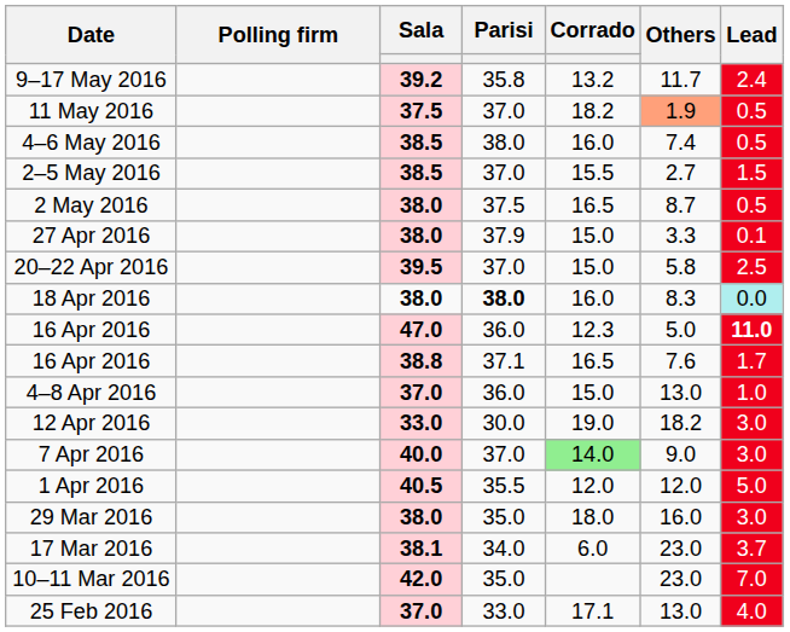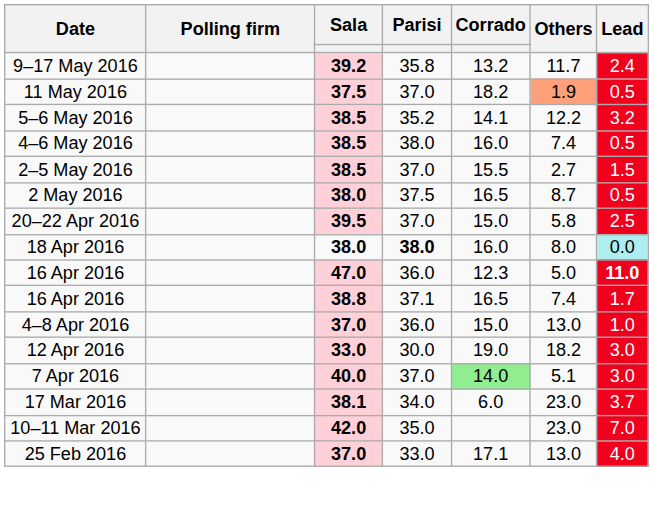 <table class="wikitable collapsible" style="text-align:center;font-size:85%;line-height:13px">
 <tr style="height:30px; background-color:#E9E9E9">
 <th style="width:100px;" rowspan="2">Date</th>
 <th style="width:120px;" rowspan="2">Polling firm</th>
 <th style="width:45px;">Sala</th>
 <th style="width:45px;">Parisi</th>
 <th style="width:45px;">Corrado</th>
 <th style="width:35px;" rowspan="2">Others</th>
 <th style="width:25px;" rowspan="2">Lead</th>
 </tr>
 <tr>
 <th style="background:"></th>
 <th style="background:"></th>
 <th style="background:"></th>
 </tr>
 <tr>
 <td>9–17 May 2016</td>
 <td></td>
 <td style="background:#FFD0D7"><strong>39.2</strong></td>
 <td>35.8</td>
 <td>13.2</td>
 <td>11.7</td>
 <td style="background:#F0001C; color:white;">2.4</td>
 </tr>
 <tr>
 <td>11 May 2016</td>
 <td></td>
 <td style="background:#FFD0D7"><strong>37.5</strong></td>
 <td>37.0</td>
 <td>18.2</td>
 <td style="background: lightsalmon;">1.9</td>
 <td style="background:#F0001C; color:white;">0.5</td>
 </tr>
 <tr>
+<td>5–6 May 2016</td>
+<td></td>
+<td style="background:#FFD0D7"><strong>38.5</strong></td>
+<td>35.2</td>
+<td>14.1</td>
+<td>12.2</td>
+<td style="background:#F0001C; color:white;">3.2</td>
+</tr>
+<tr>
 <td>4–6 May 2016</td>
 <td></td>
 <td style="background:#FFD0D7"><strong>38.5</strong></td>
 <td>38.0</td>
 <td>16.0</td>
 <td>7.4</td>
 <td style="background:#F0001C; color:white;">0.5</td>
 </tr>
 <tr>
 <td>2–5 May 2016</td>
 <td></td>
 <td style="background:#FFD0D7"><strong>38.5</strong></td>
 <td>37.0</td>
 <td>15.5</td>
 <td>2.7</td>
 <td style="background:#F0001C; color:white;">1.5</td>
 </tr>
 <tr>
 <td>2 May 2016</td>
 <td></td>
 <td style="background:#FFD0D7"><strong>38.0</strong></td>
 <td>37.5</td>
 <td>16.5</td>
 <td>8.7</td>
 <td style="background:#F0001C; color:white;">0.5</td>
 </tr>
 <tr>
-<td>27 Apr 2016</td>
-<td></td>
-<td style="background:#FFD0D7"><strong>38.0</strong></td>
-<td>37.9</td>
-<td>15.0</td>
-<td>3.3</td>
-<td style="background:#F0001C; color:white;">0.1</td>
-</tr>
-<tr>
 <td>20–22 Apr 2016</td>
 <td></td>
 <td style="background:#FFD0D7"><strong>39.5</strong></td>
 <td>37.0</td>
 <td>15.0</td>
 <td>5.8</td>
 <td style="background:#F0001C; color:white;">2.5</td>
 </tr>
 <tr>
 <td>18 Apr 2016</td>
 <td></td>
 <td><strong>38.0</strong></td>
 <td><strong>38.0</strong></td>
 <td>16.0</td>
-<td>8.3</td>
+<td>8.0</td>
 <td style="background: paleturquoise;">0.0</td>
 </tr>
 <tr>
 <td>16 Apr 2016</td>
 <td></td>
 <td style="background:#FFD0D7"><strong>47.0</strong></td>
 <td>36.0</td>
 <td>12.3</td>
 <td>5.0</td>
 <td style="background:#F0001C; color:white;"><strong>11.0</strong></td>
 </tr>
 <tr>
 <td>16 Apr 2016</td>
 <td></td>
 <td style="background:#FFD0D7"><strong>38.8</strong></td>
 <td>37.1</td>
 <td>16.5</td>
-<td>7.6</td>
+<td>7.4</td>
 <td style="background:#F0001C; color:white;">1.7</td>
 </tr>
 <tr>
 <td>4–8 Apr 2016</td>
 <td></td>
 <td style="background:#FFD0D7"><strong>37.0</strong></td>
 <td>36.0</td>
 <td>15.0</td>
 <td>13.0</td>
 <td style="background:#F0001C; color:white;">1.0</td>
 </tr>
 <tr>
 <td>12 Apr 2016</td>
 <td></td>
 <td style="background:#FFD0D7"><strong>33.0</strong></td>
 <td>30.0</td>
 <td>19.0</td>
 <td>18.2</td>
 <td style="background:#F0001C; color:white;">3.0</td>
 </tr>
 <tr>
 <td>7 Apr 2016</td>
 <td></td>
 <td style="background:#FFD0D7"><strong>40.0</strong></td>
 <td>37.0</td>
 <td style="background: lightgreen;">14.0</td>
-<td>9.0</td>
-<td style="background:#F0001C; color:white;">3.0</td>
-</tr>
-<tr>
-<td>1 Apr 2016</td>
-<td></td>
-<td style="background:#FFD0D7"><strong>40.5</strong></td>
-<td>35.5</td>
-<td>12.0</td>
-<td>12.0</td>
-<td style="background:#F0001C; color:white;">5.0</td>
-</tr>
-<tr>
-<td>29 Mar 2016</td>
-<td></td>
-<td style="background:#FFD0D7"><strong>38.0</strong></td>
-<td>35.0</td>
-<td>18.0</td>
-<td>16.0</td>
+<td>5.1</td>
 <td style="background:#F0001C; color:white;">3.0</td>
 </tr>
 <tr>
 <td>17 Mar 2016</td>
 <td></td>
 <td style="background:#FFD0D7"><strong>38.1</strong></td>
 <td>34.0</td>
 <td>6.0</td>
 <td>23.0</td>
 <td style="background:#F0001C; color:white;">3.7</td>
 </tr>
 <tr>
 <td>10–11 Mar 2016</td>
 <td></td>
 <td style="background:#FFD0D7"><strong>42.0</strong></td>
 <td>35.0</td>
 <td></td>
 <td>23.0</td>
 <td style="background:#F0001C; color:white;">7.0</td>
 </tr>
 <tr>
 <td>25 Feb 2016</td>
 <td></td>
 <td style="background:#FFD0D7"><strong>37.0</strong></td>
 <td>33.0</td>
 <td>17.1</td>
 <td>13.0</td>
 <td style="background:#F0001C; color:white;">4.0</td>
 </tr>
 </table>
